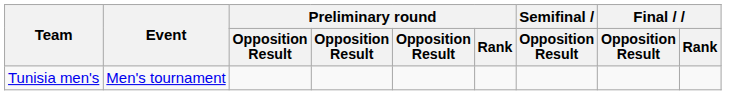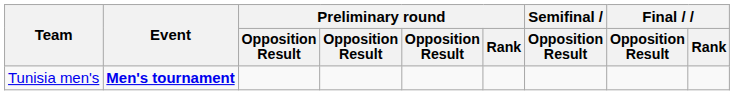 <table class=wikitable style=font-size:90%>
 <tr>
 <th rowspan=2>Team</th>
 <th rowspan=2>Event</th>
 <th colspan=4>Preliminary round</th>
 <th>Semifinal / </th>
 <th colspan=2>Final /  / </th>
 </tr>
 <tr style=font-size:95%>
 <th>Opposition<br>Result</th>
 <th>Opposition<br>Result</th>
 <th>Opposition<br>Result</th>
 <th>Rank</th>
 <th>Opposition<br>Result</th>
 <th>Opposition<br>Result</th>
 <th>Rank</th>
 </tr>
 <tr align=center>
 <td align=left><a href='#'>Tunisia men's</a></td>
-<td align=left><a href='#'>Men's tournament</a></td>
+<td align=left><strong><a href='#'>Men's tournament</a></strong></td>
 <td></td>
 <td></td>
 <td></td>
 <td></td>
 <td></td>
 <td></td>
 <td></td>
 </tr>
 </table>
